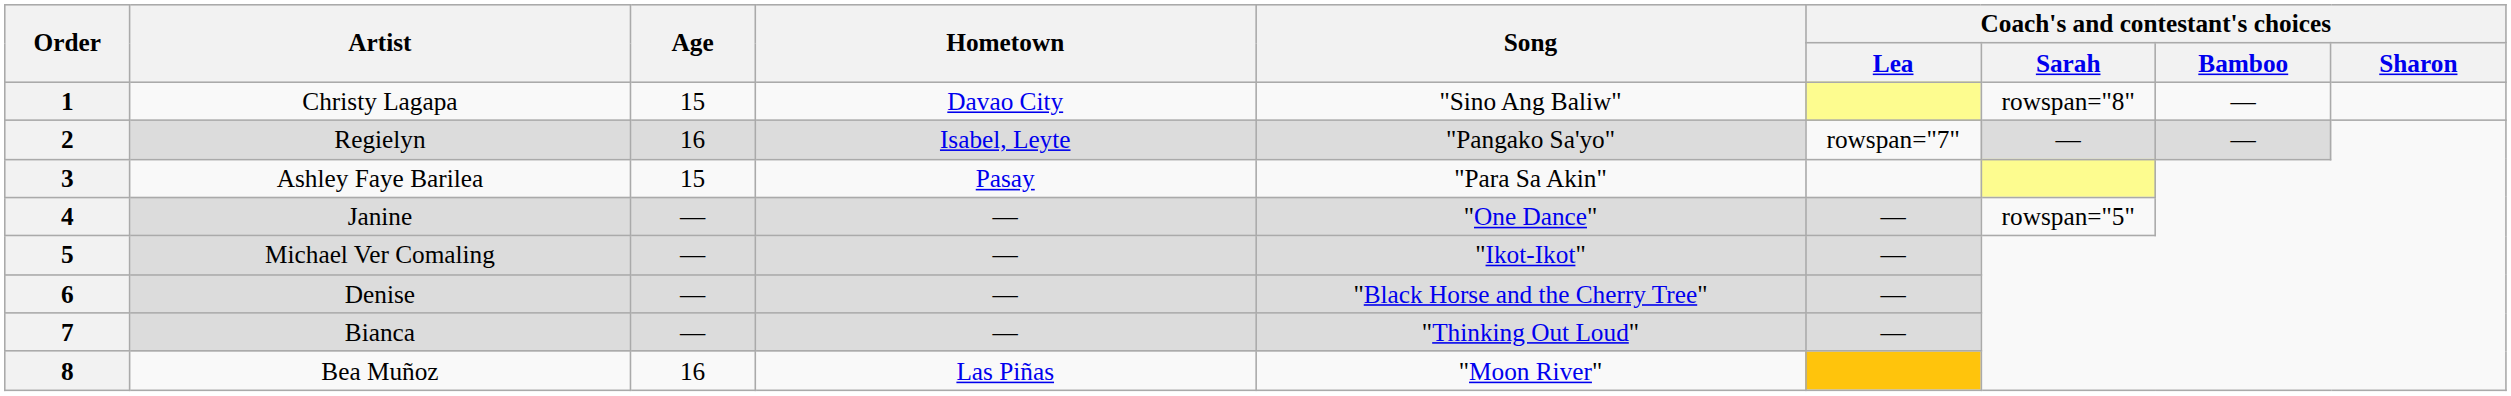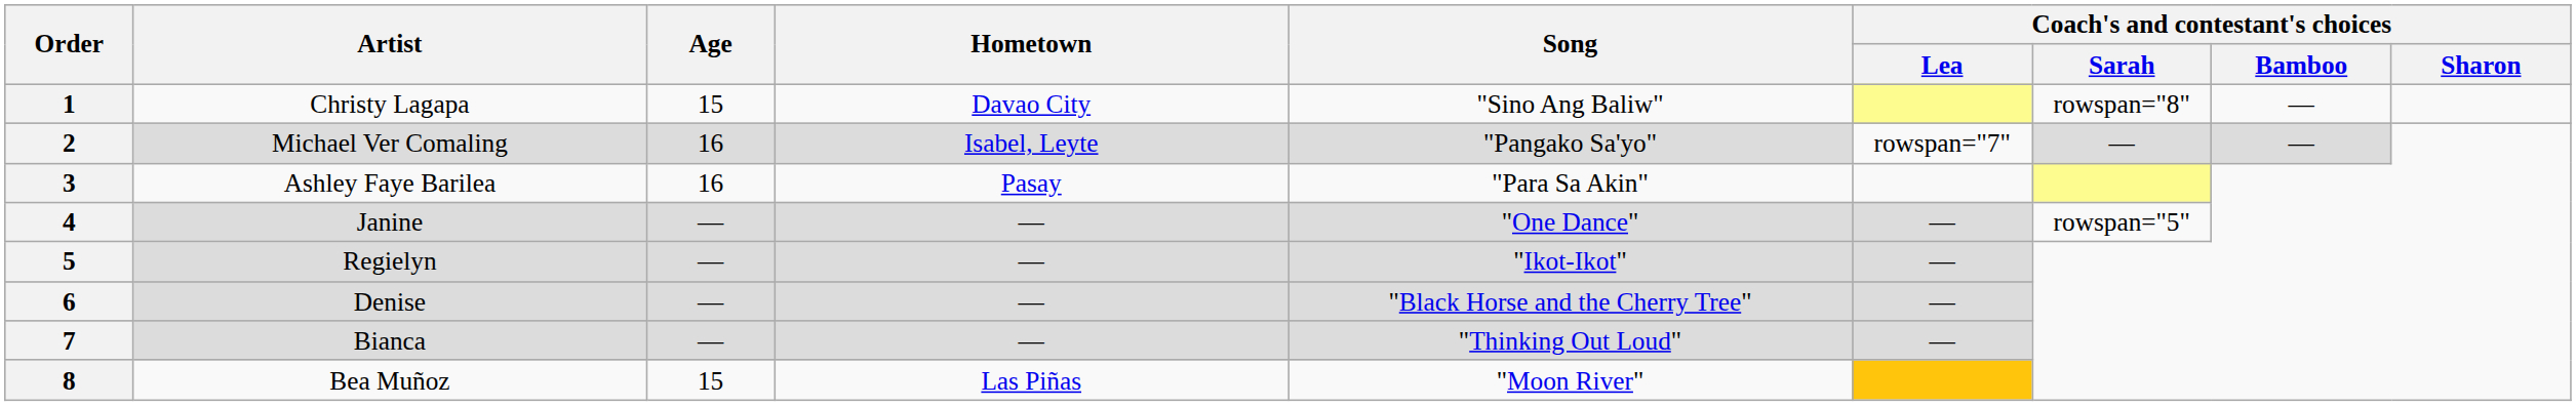 <table class="wikitable" style="text-align:center; line-height:17px; width:100%;">
 <tr>
 <th rowspan="2" scope="col" width="05%">Order</th>
 <th rowspan="2" scope="col" width="20%">Artist</th>
 <th rowspan="2" scope="col" width="05%">Age</th>
 <th rowspan="2" scope="col" width="20%">Hometown</th>
 <th rowspan="2" scope="col" width="22%">Song</th>
 <th colspan="4" scope="col" width="28%">Coach's and contestant's choices</th>
 </tr>
 <tr>
 <th width="07%"><a href='#'>Lea</a></th>
 <th width="07%"><a href='#'>Sarah</a></th>
 <th width="07%"><a href='#'>Bamboo</a></th>
 <th width="07%"><a href='#'>Sharon</a></th>
 </tr>
 <tr>
 <th>1</th>
 <td>Christy Lagapa</td>
 <td>15</td>
 <td><a href='#'>Davao City</a></td>
 <td>"Sino Ang Baliw"</td>
 <td style="background:#fdfc8f;"><strong></strong></td>
 <td>rowspan="8" </td>
 <td>—</td>
 <td><strong></strong></td>
 </tr>
 <tr>
 <th>2</th>
-<td style="background:#DCDCDC;">Regielyn</td>
+<td style="background:#DCDCDC;">Michael Ver Comaling</td>
 <td style="background:#DCDCDC;">16</td>
 <td style="background:#DCDCDC;"><a href='#'>Isabel, Leyte</a></td>
 <td style="background:#DCDCDC;">"Pangako Sa'yo"</td>
 <td>rowspan="7" </td>
 <td style="background:#DCDCDC;">—</td>
 <td style="background:#DCDCDC;">—</td>
 </tr>
 <tr>
 <th>3</th>
 <td>Ashley Faye Barilea</td>
-<td>15</td>
+<td>16</td>
 <td><a href='#'>Pasay</a></td>
 <td>"Para Sa Akin"</td>
 <td><strong></strong></td>
 <td style="background:#fdfc8f;"><strong></strong></td>
 </tr>
 <tr>
 <th>4</th>
 <td style="background:#DCDCDC;">Janine</td>
 <td style="background:#DCDCDC;">—</td>
 <td style="background:#DCDCDC;">—</td>
 <td style="background:#DCDCDC;">"<a href='#'>One Dance</a>"</td>
 <td style="background:#DCDCDC;">—</td>
 <td>rowspan="5" </td>
 </tr>
 <tr>
 <th>5</th>
-<td style="background:#DCDCDC;">Michael Ver Comaling</td>
+<td style="background:#DCDCDC;">Regielyn</td>
 <td style="background:#DCDCDC;">—</td>
 <td style="background:#DCDCDC;">—</td>
 <td style="background:#DCDCDC;">"<a href='#'>Ikot-Ikot</a>"</td>
 <td style="background:#DCDCDC;">—</td>
 </tr>
 <tr>
 <th>6</th>
 <td style="background:#DCDCDC;">Denise</td>
 <td style="background:#DCDCDC;">—</td>
 <td style="background:#DCDCDC;">—</td>
 <td style="background:#DCDCDC;">"<a href='#'>Black Horse and the Cherry Tree</a>"</td>
 <td style="background:#DCDCDC;">—</td>
 </tr>
 <tr>
 <th>7</th>
 <td style="background:#DCDCDC;">Bianca</td>
 <td style="background:#DCDCDC;">—</td>
 <td style="background:#DCDCDC;">—</td>
 <td style="background:#DCDCDC;">"<a href='#'>Thinking Out Loud</a>"</td>
 <td style="background:#DCDCDC;">—</td>
 </tr>
 <tr>
 <th>8</th>
 <td>Bea Muñoz</td>
-<td>16</td>
+<td>15</td>
 <td><a href='#'>Las Piñas</a></td>
 <td>"<a href='#'>Moon River</a>"</td>
 <td style="background:#FFC40C;"><strong></strong></td>
 </tr>
 </table>
